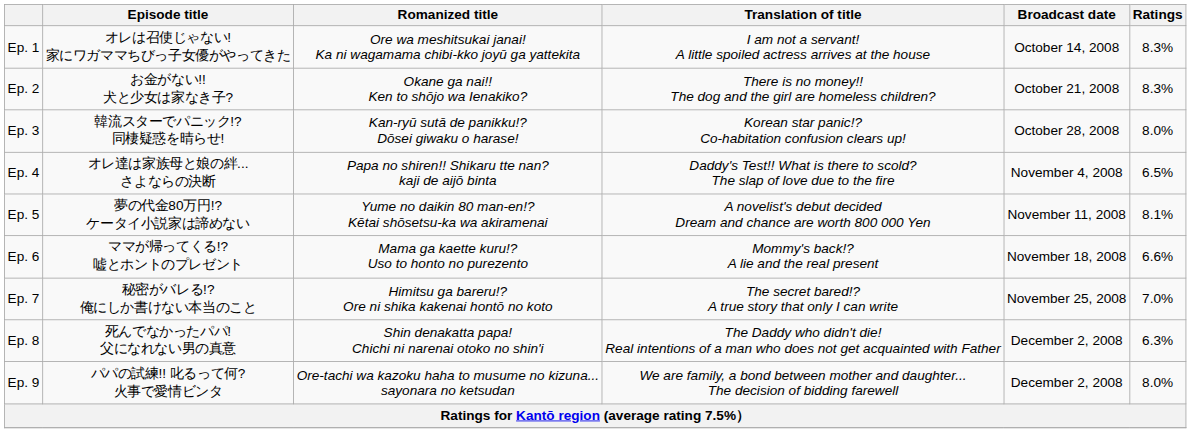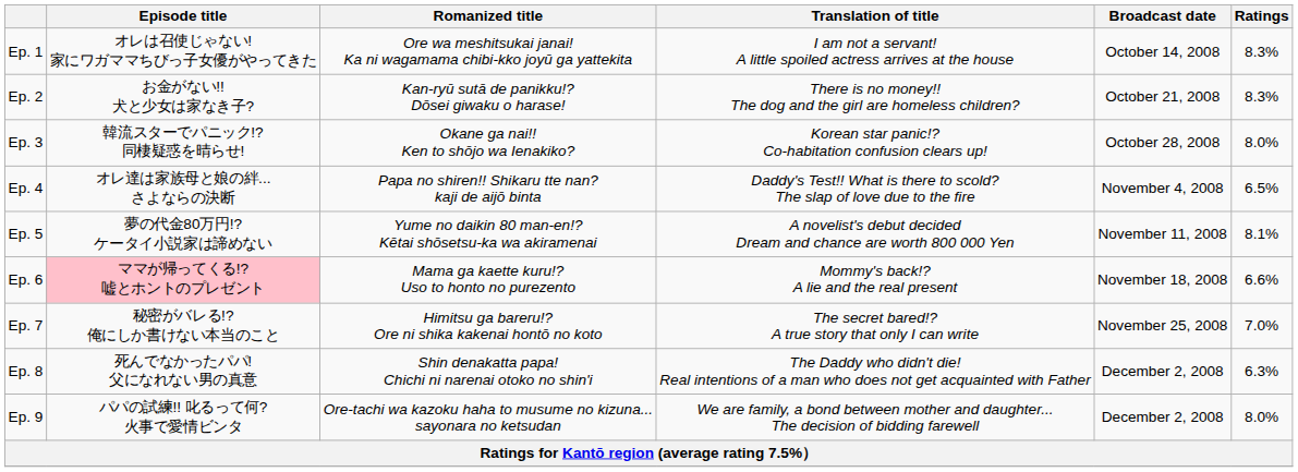 <table class="wikitable" style="text-align:center">
 <tr>
 <th></th>
 <th><strong>Episode title</strong></th>
 <th><strong>Romanized title</strong></th>
 <th><strong>Translation of title</strong></th>
 <th><strong>Broadcast date</strong></th>
 <th><strong>Ratings</strong></th>
 </tr>
 <tr>
 <td>Ep. 1</td>
 <td>オレは召使じゃない! <br> 家にワガママちびっ子女優がやってきた</td>
 <td><em>Ore wa meshitsukai janai! <br>Ka ni wagamama chibi-kko joyū ga yattekita</em></td>
 <td><em>I am not a servant!<br>A little spoiled actress arrives at the house </em></td>
 <td>October 14, 2008</td>
 <td>8.3%</td>
 </tr>
 <tr>
 <td>Ep. 2</td>
 <td>お金がない!! <br>犬と少女は家なき子?</td>
-<td><em>Okane ga nai!!<br>Ken to shōjo wa Ienakiko?</em></td>
+<td><em>Kan-ryū sutā de panikku!?<br> Dōsei giwaku o harase!</em></td>
 <td><em>There is no money!!<br>The dog and the girl are homeless children?  </em></td>
 <td>October 21, 2008</td>
 <td>8.3%</td>
 </tr>
 <tr>
 <td>Ep. 3</td>
 <td>韓流スターでパニック!?<br> 同棲疑惑を晴らせ!</td>
-<td><em>Kan-ryū sutā de panikku!?<br> Dōsei giwaku o harase!</em></td>
+<td><em>Okane ga nai!!<br>Ken to shōjo wa Ienakiko?</em></td>
 <td><em>Korean star panic!?<br>Co-habitation confusion clears up! </em></td>
 <td>October 28, 2008</td>
 <td>8.0%</td>
 </tr>
 <tr>
 <td>Ep. 4</td>
 <td>オレ達は家族母と娘の絆...<br> さよならの決断</td>
 <td><em>Papa no shiren!! Shikaru tte nan? <br> kaji de aijō binta</em></td>
 <td><em>Daddy's Test!! What is there to scold?<br>The slap of love due to the fire </em></td>
 <td>November 4, 2008</td>
 <td>6.5%</td>
 </tr>
 <tr>
 <td>Ep. 5</td>
 <td>夢の代金80万円!? <br>ケータイ小説家は諦めない</td>
 <td><em>Yume no daikin 80 man-en!? <br>Kētai shōsetsu-ka wa akiramenai</em></td>
 <td><em>A novelist's debut decided<br>Dream and chance are worth 800 000 Yen </em></td>
 <td>November 11, 2008</td>
 <td>8.1%</td>
 </tr>
 <tr>
 <td>Ep. 6</td>
-<td>ママが帰ってくる!? <br> 嘘とホントのプレゼント</td>
+<td style="background: pink;">ママが帰ってくる!? <br> 嘘とホントのプレゼント</td>
 <td><em>Mama ga kaette kuru!? <br>Uso to honto no purezento</em></td>
 <td><em>Mommy's back!?<br>A lie and the real present </em></td>
 <td>November 18, 2008</td>
 <td>6.6%</td>
 </tr>
 <tr>
 <td>Ep. 7</td>
 <td>秘密がバレる!? <br>俺にしか書けない本当のこと</td>
 <td><em>Himitsu ga bareru!? <br>Ore ni shika kakenai hontō no koto</em></td>
 <td><em>The secret bared!?<br>A true story that only I can write </em></td>
 <td>November 25, 2008</td>
 <td>7.0%</td>
 </tr>
 <tr>
 <td>Ep. 8</td>
 <td>死んでなかったパパ! <br>父になれない男の真意</td>
 <td><em>Shin denakatta papa! <br>Chichi ni narenai otoko no shin'i</em></td>
 <td><em>The Daddy who didn't die!<br>Real intentions of a man who does not get acquainted with Father 	</em></td>
 <td>December 2, 2008</td>
 <td>6.3%</td>
 </tr>
 <tr>
 <td>Ep. 9</td>
 <td>パパの試練!! 叱るって何? <br> 火事で愛情ビンタ</td>
 <td><em>Ore-tachi wa kazoku haha to musume no kizuna... <br>sayonara no ketsudan</em></td>
 <td><em>We are family, a bond between mother and daughter...<br>The decision of bidding farewell</em></td>
 <td>December 2, 2008</td>
 <td>8.0%</td>
 </tr>
 <tr>
 <th colspan="6">Ratings for <a href='#'>Kantō region</a> (average rating 7.5%）</th>
 </tr>
 <tr>
 </tr>
 </table>
